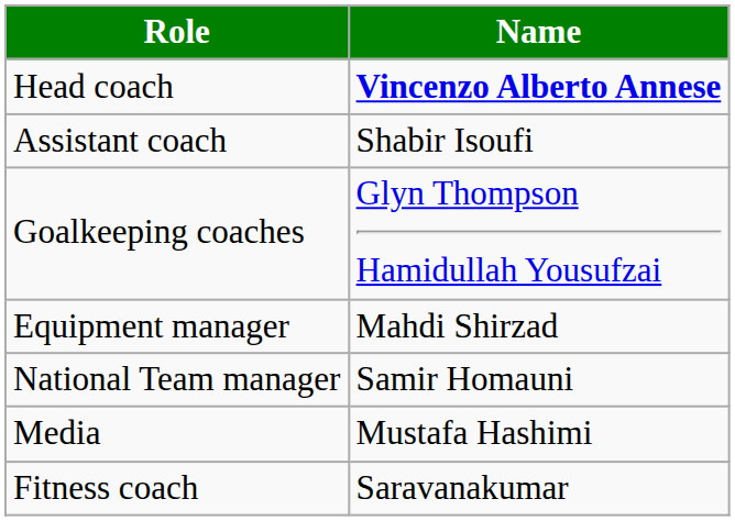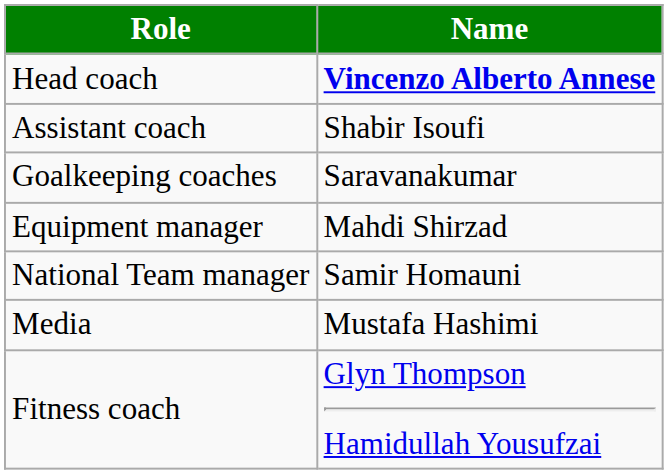 <table class="wikitable">
 <tr>
 <th style="background:green; color:#FFF; ">Role</th>
 <th style="background:green; color:#FFF; ">Name</th>
 </tr>
 <tr>
 <td>Head coach</td>
 <td><strong> <a href='#'>Vincenzo Alberto Annese</a></strong></td>
 </tr>
 <tr>
 <td>Assistant coach</td>
 <td> Shabir Isoufi</td>
 </tr>
 <tr>
 <td>Goalkeeping coaches</td>
-<td> <a href='#'>Glyn Thompson</a><hr> <a href='#'>Hamidullah Yousufzai</a></td>
+<td> Saravanakumar</td>
 </tr>
 <tr>
 <td>Equipment manager</td>
 <td> Mahdi Shirzad</td>
 </tr>
 <tr>
 <td>National Team manager</td>
 <td> Samir Homauni</td>
 </tr>
 <tr>
 <td>Media</td>
 <td> Mustafa Hashimi</td>
 </tr>
 <tr>
 <td>Fitness coach</td>
-<td> Saravanakumar</td>
+<td> <a href='#'>Glyn Thompson</a><hr> <a href='#'>Hamidullah Yousufzai</a></td>
 </tr>
 </table>
